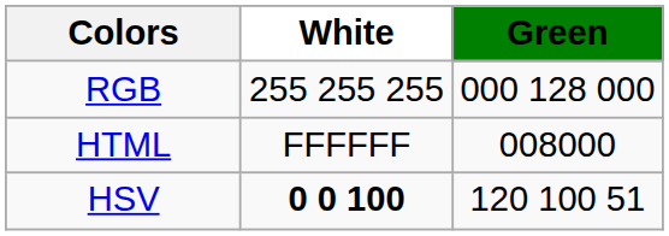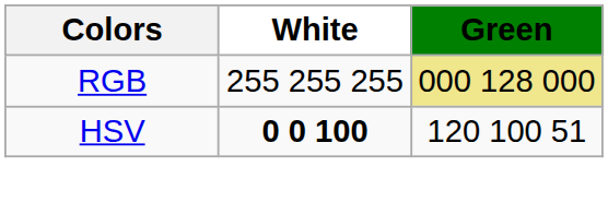 <table class="wikitable">
 <tr>
 <th width=100>Colors</th>
 <th style="background-color:#FFFFFF"><span>White</span></th>
 <th style="background-color:#008000"><span>Green</span></th>
 </tr>
 <tr align="center">
 <td><a href='#'>RGB</a></td>
 <td>255 255 255</td>
-<td>000 128 000</td>
-</tr>
-<tr align="center">
-<td><a href='#'>HTML</a></td>
-<td>FFFFFF</td>
-<td>008000</td>
+<td style="background: khaki;">000 128 000</td>
 </tr>
 <tr align=center>
 <td><a href='#'>HSV</a></td>
 <td><strong>0 0 100</strong></td>
 <td>120 100 51</td>
 </tr>
 </table>
